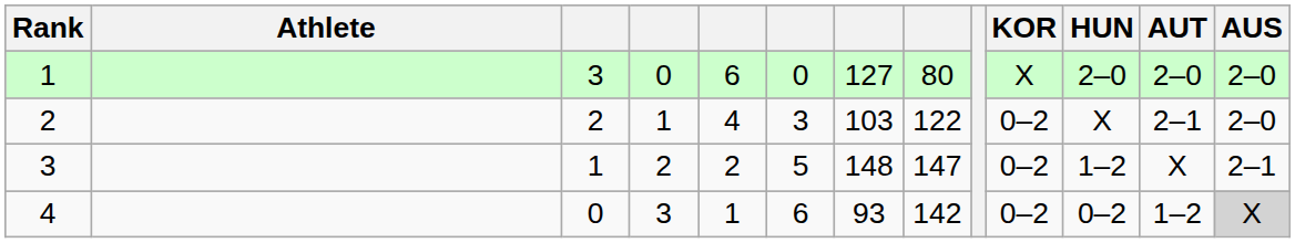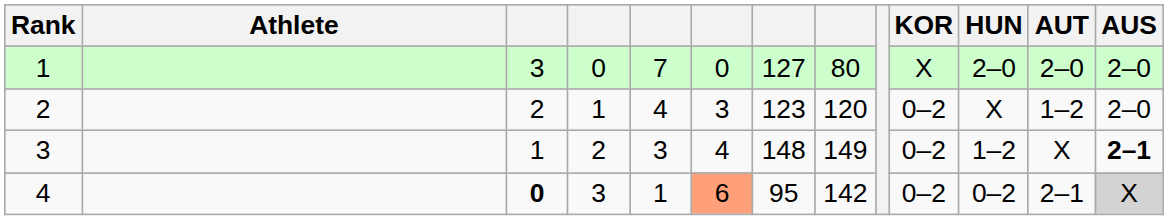 <table class="wikitable" style="text-align:center">
 <tr>
 <th>Rank</th>
 <th width=250>Athlete</th>
 <th width=30></th>
 <th width=30></th>
 <th width=30></th>
 <th width=30></th>
 <th width=30></th>
 <th width=30></th>
 <th rowspan=5></th>
 <th width=30>KOR</th>
 <th width=30>HUN</th>
 <th width=30>AUT</th>
 <th width=30>AUS</th>
 </tr>
 <tr style="background-color:#ccffcc;">
 <td>1</td>
 <td align=left></td>
 <td>3</td>
 <td>0</td>
-<td>6</td>
+<td>7</td>
 <td>0</td>
 <td>127</td>
 <td>80</td>
 <td>X</td>
 <td>2–0</td>
 <td>2–0</td>
 <td>2–0</td>
 </tr>
 <tr>
 <td>2</td>
 <td align=left></td>
 <td>2</td>
 <td>1</td>
 <td>4</td>
 <td>3</td>
-<td>103</td>
-<td>122</td>
+<td>123</td>
+<td>120</td>
 <td>0–2</td>
 <td>X</td>
-<td>2–1</td>
+<td>1–2</td>
 <td>2–0</td>
 </tr>
 <tr>
 <td>3</td>
 <td align=left></td>
 <td>1</td>
 <td>2</td>
-<td>2</td>
-<td>5</td>
+<td>3</td>
+<td>4</td>
 <td>148</td>
-<td>147</td>
+<td>149</td>
 <td>0–2</td>
 <td>1–2</td>
 <td>X</td>
-<td>2–1</td>
+<td><strong>2–1</strong></td>
 </tr>
 <tr>
 <td>4</td>
 <td align=left></td>
-<td>0</td>
+<td><strong>0</strong></td>
 <td>3</td>
 <td>1</td>
-<td>6</td>
-<td>93</td>
+<td style="background: lightsalmon;">6</td>
+<td>95</td>
 <td>142</td>
 <td>0–2</td>
 <td>0–2</td>
-<td>1–2</td>
+<td>2–1</td>
 <td style="background: lightgrey;">X</td>
 </tr>
 </table>
